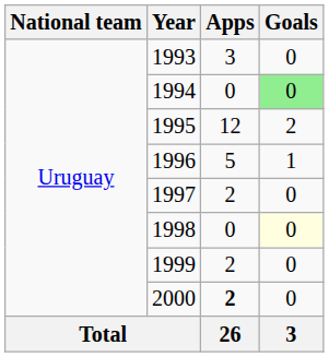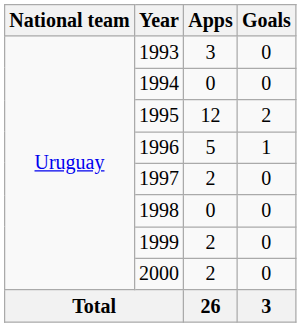 <table class="wikitable" style="text-align:center">
 <tr>
 <th>National team</th>
 <th>Year</th>
 <th>Apps</th>
 <th>Goals</th>
 </tr>
 <tr>
 <td rowspan="8"><a href='#'>Uruguay</a></td>
 <td>1993</td>
 <td>3</td>
 <td>0</td>
 </tr>
 <tr>
 <td>1994</td>
 <td>0</td>
-<td style="background: lightgreen;">0</td>
+<td>0</td>
 </tr>
 <tr>
 <td>1995</td>
 <td>12</td>
 <td>2</td>
 </tr>
 <tr>
 <td>1996</td>
 <td>5</td>
 <td>1</td>
 </tr>
 <tr>
 <td>1997</td>
 <td>2</td>
 <td>0</td>
 </tr>
 <tr>
 <td>1998</td>
 <td>0</td>
-<td style="background: lightyellow;">0</td>
+<td>0</td>
 </tr>
 <tr>
 <td>1999</td>
 <td>2</td>
 <td>0</td>
 </tr>
 <tr>
 <td>2000</td>
-<td><strong>2</strong></td>
+<td>2</td>
 <td>0</td>
 </tr>
 <tr>
 <th colspan="2">Total</th>
 <th>26</th>
 <th>3</th>
 </tr>
 </table>
